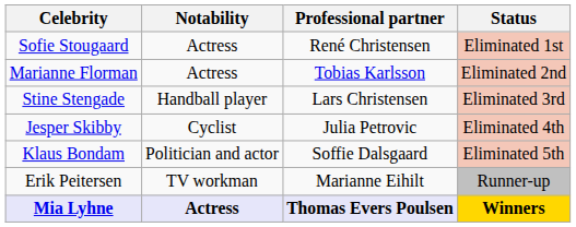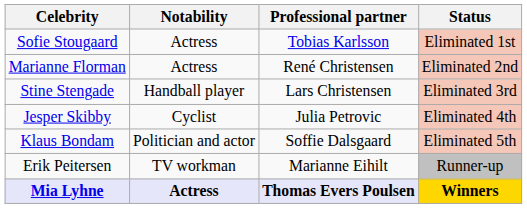 <table class= "wikitable sortable" style="text-align: center; margin:auto; align: center">
 <tr>
 <th>Celebrity</th>
 <th>Notability</th>
 <th>Professional partner</th>
 <th>Status</th>
 </tr>
 <tr>
 <td><a href='#'>Sofie Stougaard</a></td>
 <td>Actress</td>
-<td>René Christensen</td>
+<td><a href='#'>Tobias Karlsson</a></td>
 <td style="background:#f4c7b8;">Eliminated 1st</td>
 </tr>
 <tr>
 <td><a href='#'>Marianne Florman</a></td>
 <td>Actress</td>
-<td><a href='#'>Tobias Karlsson</a></td>
+<td>René Christensen</td>
 <td style="background:#f4c7b8;">Eliminated 2nd</td>
 </tr>
 <tr>
 <td><a href='#'>Stine Stengade</a></td>
 <td>Handball player</td>
 <td>Lars Christensen</td>
 <td style="background:#f4c7b8;">Eliminated 3rd</td>
 </tr>
 <tr>
 <td><a href='#'>Jesper Skibby</a></td>
 <td>Cyclist</td>
 <td>Julia Petrovic</td>
 <td style="background:#f4c7b8;">Eliminated 4th</td>
 </tr>
 <tr>
 <td><a href='#'>Klaus Bondam</a></td>
 <td>Politician and actor</td>
 <td>Soffie Dalsgaard</td>
 <td style="background:#f4c7b8;">Eliminated 5th</td>
 </tr>
 <tr>
 <td>Erik Peitersen</td>
 <td>TV workman</td>
 <td>Marianne Eihilt</td>
 <td style="background:silver;">Runner-up</td>
 </tr>
 <tr>
 <td style="background:lavender;"><strong><a href='#'>Mia Lyhne</a></strong></td>
 <td style="background:lavender;"><strong>Actress</strong></td>
 <td style="background:lavender;"><strong>Thomas Evers Poulsen</strong></td>
 <td style="background:gold;"><strong>Winners</strong></td>
 </tr>
 </table>
